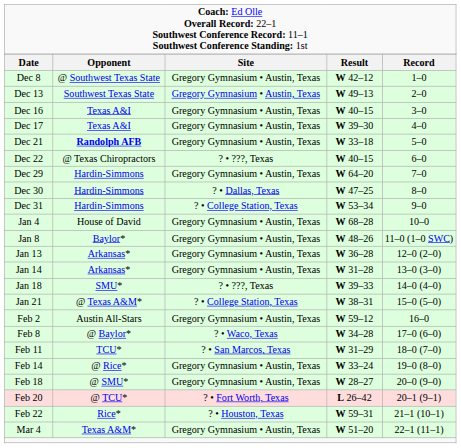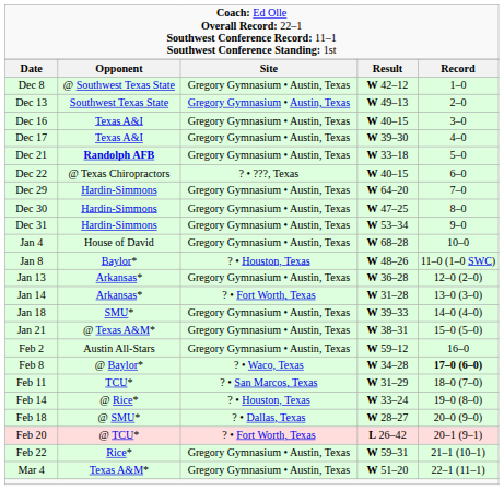 <table class="wikitable" style="text-align:center">
 <tr>
 <td colspan=8><div><strong>Coach:</strong> <a href='#'>Ed Olle</a><br><strong>Overall Record:</strong> 22–1<br><strong>Southwest Conference Record:</strong> 11–1<br><strong>Southwest Conference Standing:</strong> 1st</div></td>
 </tr>
 <tr>
 </tr>
 <tr>
 <th style="width:70px;">Date</th>
 <th style="width:170px;">Opponent</th>
 <th style="width:250px;">Site</th>
 <th style="width:80px;">Result</th>
 <th style="width:110px;">Record</th>
 </tr>
 <tr style="background: #ddffdd;">
 <td>Dec 8</td>
 <td>@ <a href='#'>Southwest Texas State</a></td>
 <td>Gregory Gymnasium • Austin, Texas</td>
 <td><strong>W</strong> 42–12</td>
 <td>1–0</td>
 </tr>
 <tr style="background: #ddffdd;">
 <td>Dec 13</td>
 <td><a href='#'>Southwest Texas State</a></td>
 <td><a href='#'>Gregory Gymnasium</a> • <a href='#'>Austin, Texas</a></td>
 <td><strong>W</strong> 49–13</td>
 <td>2–0</td>
 </tr>
 <tr style="background: #ddffdd;">
 <td>Dec 16</td>
 <td><a href='#'>Texas A&I</a></td>
 <td>Gregory Gymnasium • Austin, Texas</td>
 <td><strong>W</strong> 40–15</td>
 <td>3–0</td>
 </tr>
 <tr style="background: #ddffdd;">
 <td>Dec 17</td>
 <td><a href='#'>Texas A&I</a></td>
 <td>Gregory Gymnasium • Austin, Texas</td>
 <td><strong>W</strong> 39–30</td>
 <td>4–0</td>
 </tr>
 <tr style="background: #ddffdd;">
 <td>Dec 21</td>
 <td><strong><a href='#'>Randolph AFB</a></strong></td>
 <td>Gregory Gymnasium • Austin, Texas</td>
 <td><strong>W</strong> 33–18</td>
 <td>5–0</td>
 </tr>
 <tr style="background: #ddffdd;">
 <td>Dec 22</td>
 <td>@ Texas Chiropractors</td>
 <td>? • ???, Texas</td>
 <td><strong>W</strong> 40–15</td>
 <td>6–0</td>
 </tr>
 <tr style="background: #ddffdd;">
 <td>Dec 29</td>
 <td><a href='#'>Hardin-Simmons</a></td>
 <td>Gregory Gymnasium • Austin, Texas</td>
 <td><strong>W</strong> 64–20</td>
 <td>7–0</td>
 </tr>
 <tr style="background: #ddffdd;">
 <td>Dec 30</td>
 <td><a href='#'>Hardin-Simmons</a></td>
-<td>? • <a href='#'>Dallas, Texas</a></td>
+<td>Gregory Gymnasium • Austin, Texas</td>
 <td><strong>W</strong> 47–25</td>
 <td>8–0</td>
 </tr>
 <tr style="background: #ddffdd;">
 <td>Dec 31</td>
 <td><a href='#'>Hardin-Simmons</a></td>
-<td>? • <a href='#'>College Station, Texas</a></td>
+<td>Gregory Gymnasium • Austin, Texas</td>
 <td><strong>W</strong> 53–34</td>
 <td>9–0</td>
 </tr>
 <tr style="background: #ddffdd;">
 <td>Jan 4</td>
 <td>House of David</td>
 <td>Gregory Gymnasium • Austin, Texas</td>
 <td><strong>W</strong> 68–28</td>
 <td>10–0</td>
 </tr>
 <tr style="background: #ddffdd;">
 <td>Jan 8</td>
 <td><a href='#'>Baylor</a>*</td>
-<td>Gregory Gymnasium • Austin, Texas</td>
+<td>? • <a href='#'>Houston, Texas</a></td>
 <td><strong>W</strong> 48–26</td>
 <td>11–0 (1–0 <a href='#'>SWC</a>)</td>
 </tr>
 <tr style="background: #ddffdd;">
 <td>Jan 13</td>
 <td><a href='#'>Arkansas</a>*</td>
 <td>Gregory Gymnasium • Austin, Texas</td>
 <td><strong>W</strong> 36–28</td>
 <td>12–0 (2–0)</td>
 </tr>
 <tr style="background: #ddffdd;">
 <td>Jan 14</td>
 <td><a href='#'>Arkansas</a>*</td>
-<td>Gregory Gymnasium • Austin, Texas</td>
+<td>? • <a href='#'>Fort Worth, Texas</a></td>
 <td><strong>W</strong> 31–28</td>
 <td>13–0 (3–0)</td>
 </tr>
 <tr style="background: #ddffdd;">
 <td>Jan 18</td>
 <td><a href='#'>SMU</a>*</td>
-<td>? • ???, Texas</td>
+<td>Gregory Gymnasium • Austin, Texas</td>
 <td><strong>W</strong> 39–33</td>
 <td>14–0 (4–0)</td>
 </tr>
 <tr style="background: #ddffdd;">
 <td>Jan 21</td>
 <td>@ <a href='#'>Texas A&M</a>*</td>
-<td>? • <a href='#'>College Station, Texas</a></td>
+<td>Gregory Gymnasium • Austin, Texas</td>
 <td><strong>W</strong> 38–31</td>
 <td>15–0 (5–0)</td>
 </tr>
 <tr style="background: #ddffdd;">
 <td>Feb 2</td>
 <td>Austin All-Stars</td>
 <td>Gregory Gymnasium • Austin, Texas</td>
 <td><strong>W</strong> 59–12</td>
 <td>16–0</td>
 </tr>
 <tr style="background: #ddffdd;">
 <td>Feb 8</td>
 <td>@ <a href='#'>Baylor</a>*</td>
 <td>? • <a href='#'>Waco, Texas</a></td>
 <td><strong>W</strong> 34–28</td>
-<td>17–0 (6–0)</td>
+<td><strong>17–0 (6–0)</strong></td>
 </tr>
 <tr style="background: #ddffdd;">
 <td>Feb 11</td>
 <td><a href='#'>TCU</a>*</td>
 <td>? • <a href='#'>San Marcos, Texas</a></td>
 <td><strong>W</strong> 31–29</td>
 <td>18–0 (7–0)</td>
 </tr>
 <tr style="background: #ddffdd;">
 <td>Feb 14</td>
 <td>@ <a href='#'>Rice</a>*</td>
-<td>Gregory Gymnasium • Austin, Texas</td>
+<td>? • <a href='#'>Houston, Texas</a></td>
 <td><strong>W</strong> 33–24</td>
 <td>19–0 (8–0)</td>
 </tr>
 <tr style="background: #ddffdd;">
 <td>Feb 18</td>
 <td>@ <a href='#'>SMU</a>*</td>
-<td>Gregory Gymnasium • Austin, Texas</td>
+<td>? • <a href='#'>Dallas, Texas</a></td>
 <td><strong>W</strong> 28–27</td>
 <td>20–0 (9–0)</td>
 </tr>
 <tr style="background: #ffdddd;">
 <td>Feb 20</td>
 <td>@ <a href='#'>TCU</a>*</td>
 <td>? • <a href='#'>Fort Worth, Texas</a></td>
 <td><strong>L</strong> 26–42</td>
 <td>20–1 (9–1)</td>
 </tr>
 <tr style="background: #ddffdd;">
 <td>Feb 22</td>
 <td><a href='#'>Rice</a>*</td>
-<td>? • <a href='#'>Houston, Texas</a></td>
+<td>Gregory Gymnasium • Austin, Texas</td>
 <td><strong>W</strong> 59–31</td>
 <td>21–1 (10–1)</td>
 </tr>
 <tr style="background: #ddffdd;">
 <td>Mar 4</td>
 <td><a href='#'>Texas A&M</a>*</td>
 <td>Gregory Gymnasium • Austin, Texas</td>
 <td><strong>W</strong> 51–20</td>
 <td>22–1 (11–1)</td>
 </tr>
 <tr>
 <td colspan=8></td>
 </tr>
 </table>
